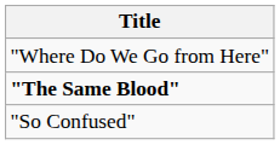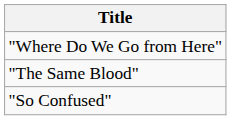 <table class="wikitable">
 <tr>
 <th>Title</th>
 </tr>
 <tr>
 <td>"Where Do We Go from Here"</td>
 </tr>
 <tr>
-<td><strong>"The Same Blood"</strong></td>
+<td>"The Same Blood"</td>
 </tr>
 <tr>
 <td>"So Confused"</td>
 </tr>
 </table>
